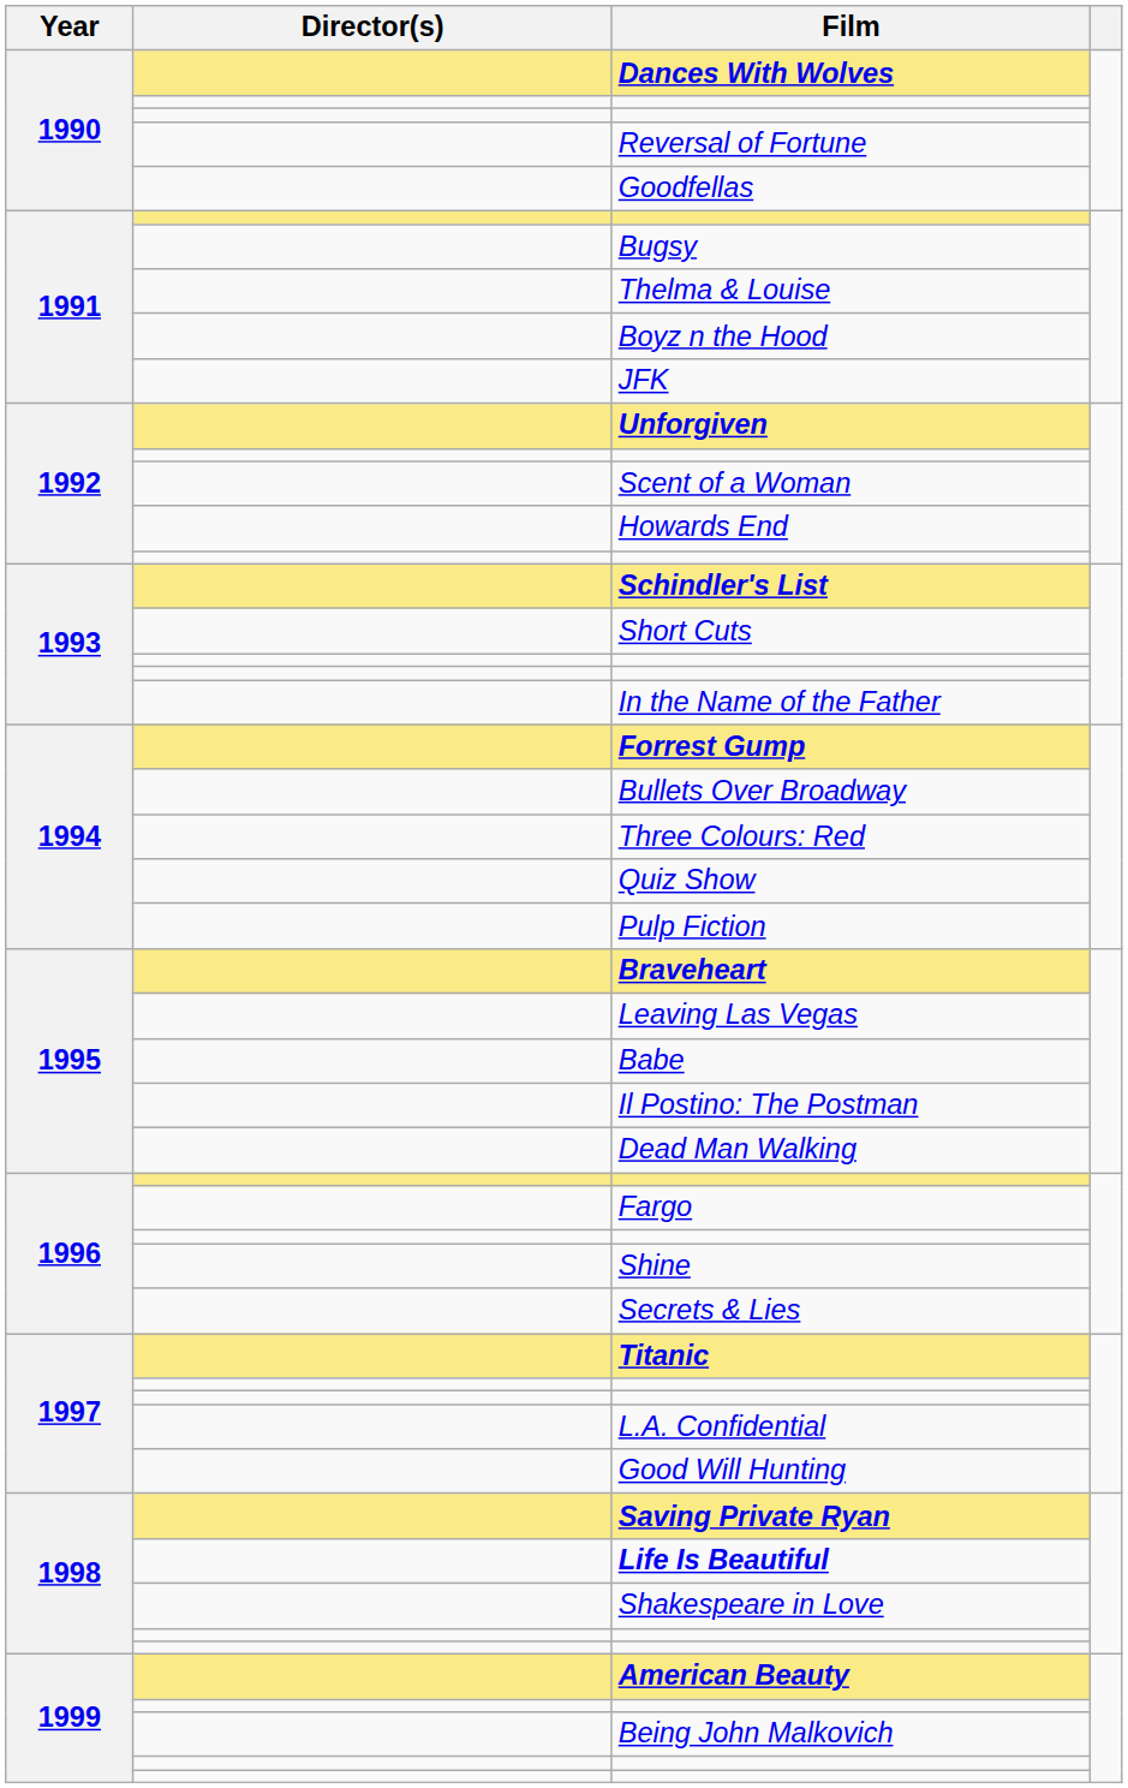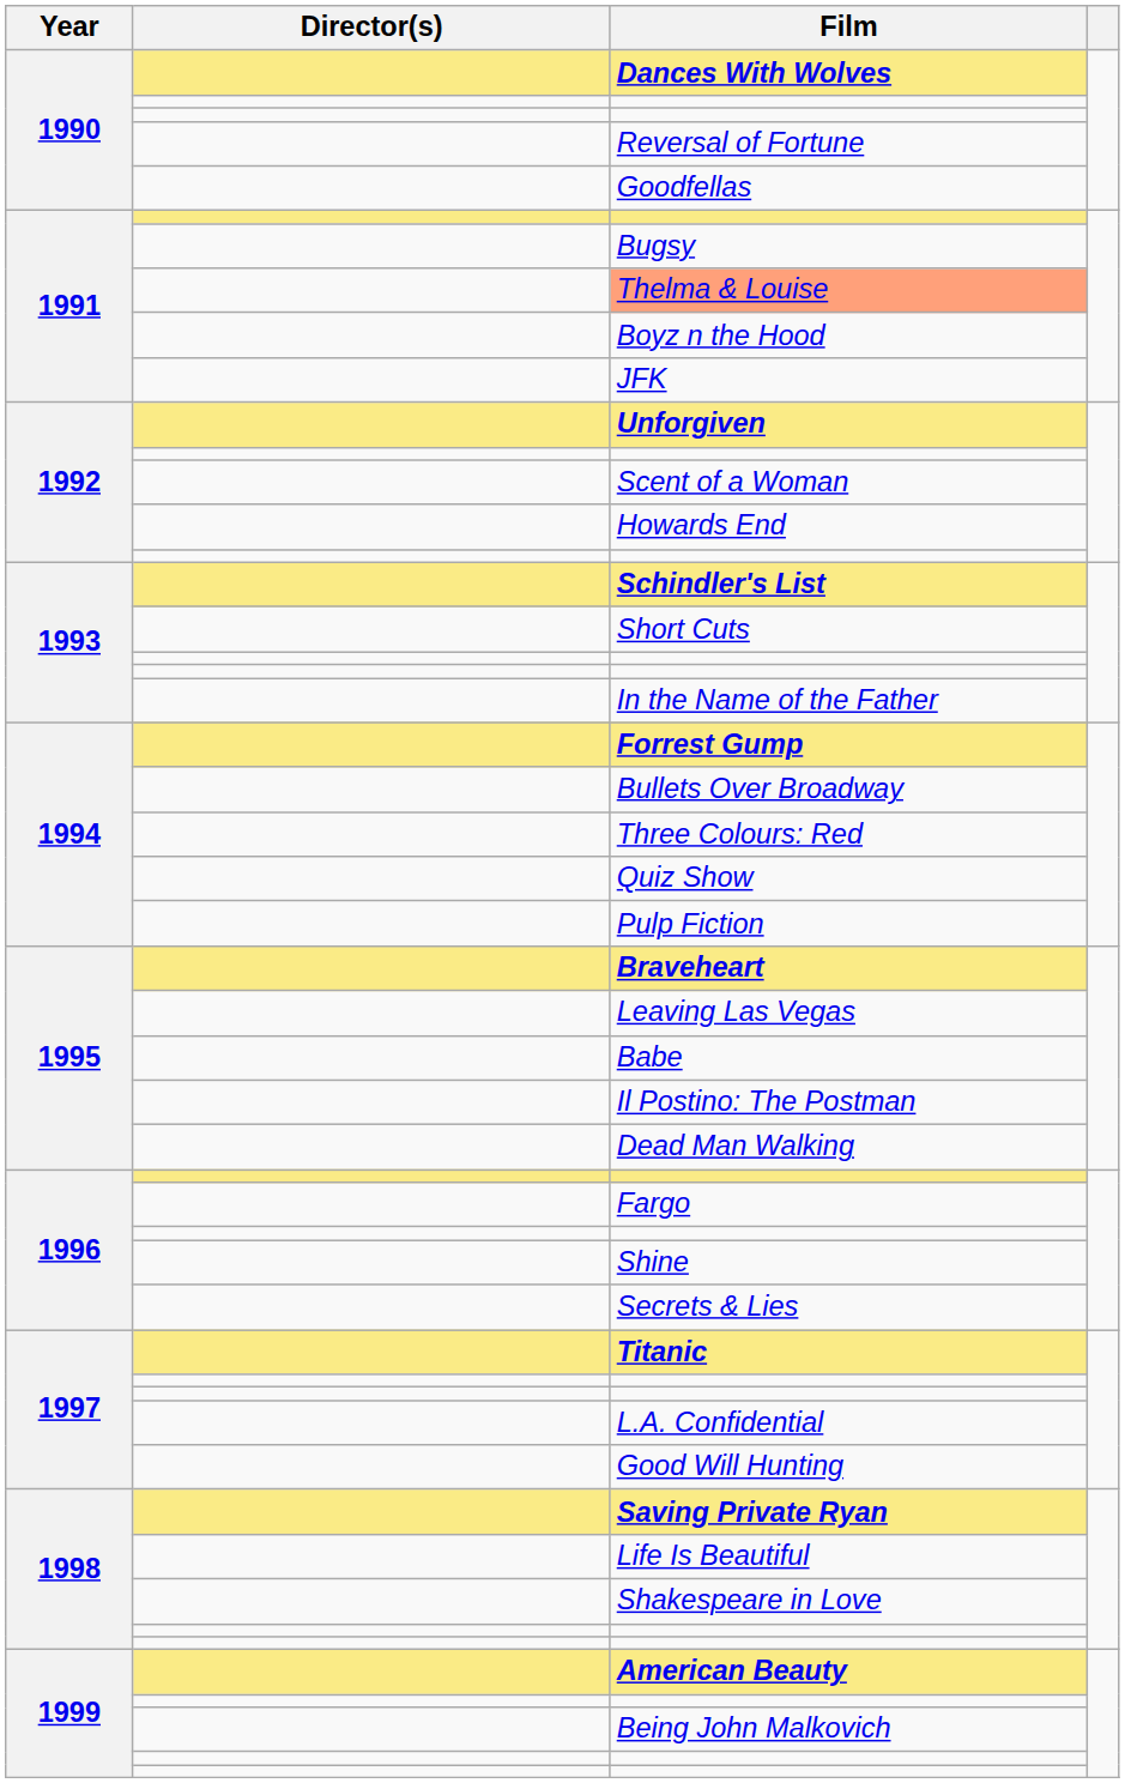 <table class="wikitable sortable">
 <tr>
 <th scope="col" style="width:8%;">Year</th>
 <th scope="col" style="width:30%;">Director(s)</th>
 <th scope="col" style="width:30%;">Film</th>
 <th scope="col" style="width:2%;"></th>
 </tr>
 <tr>
 <th scope="row" rowspan=5 style="text-align:center;"><a href='#'>1990</a><br></th>
 <td style="background:#FAEB86;"><strong></strong></td>
 <td style="background:#FAEB86;"><strong><em><a href='#'>Dances With Wolves</a></em></strong></td>
 <td rowspan="5"></td>
 </tr>
 <tr>
 <td></td>
 <td></td>
 </tr>
 <tr>
 <td></td>
 <td></td>
 </tr>
 <tr>
 <td></td>
 <td><em><a href='#'>Reversal of Fortune</a></em></td>
 </tr>
 <tr>
 <td></td>
 <td><em><a href='#'>Goodfellas</a></em></td>
 </tr>
 <tr>
 <th scope="row" rowspan=5 style="text-align:center;"><a href='#'>1991</a><br></th>
 <td style="background:#FAEB86;"><strong></strong></td>
 <td style="background:#FAEB86;"><strong></strong></td>
 <td rowspan="5"></td>
 </tr>
 <tr>
 <td></td>
 <td><em><a href='#'>Bugsy</a></em></td>
 </tr>
 <tr>
 <td></td>
-<td><em><a href='#'>Thelma & Louise</a></em></td>
+<td style="background: lightsalmon;"><em><a href='#'>Thelma & Louise</a></em></td>
 </tr>
 <tr>
 <td></td>
 <td><em><a href='#'>Boyz n the Hood</a></em></td>
 </tr>
 <tr>
 <td></td>
 <td><em><a href='#'>JFK</a></em></td>
 </tr>
 <tr>
 <th scope="row" rowspan=5 style="text-align:center;"><a href='#'>1992</a><br></th>
 <td style="background:#FAEB86;"><strong></strong></td>
 <td style="background:#FAEB86;"><strong><em><a href='#'>Unforgiven</a></em></strong></td>
 <td rowspan="5"></td>
 </tr>
 <tr>
 <td></td>
 <td></td>
 </tr>
 <tr>
 <td></td>
 <td><em><a href='#'>Scent of a Woman</a></em></td>
 </tr>
 <tr>
 <td></td>
 <td><em><a href='#'>Howards End</a></em></td>
 </tr>
 <tr>
 <td></td>
 <td></td>
 </tr>
 <tr>
 <th scope="row" rowspan=5 style="text-align:center;"><a href='#'>1993</a><br></th>
 <td style="background:#FAEB86;"><strong></strong></td>
 <td style="background:#FAEB86;"><strong><em><a href='#'>Schindler's List</a></em></strong></td>
 <td rowspan="5"></td>
 </tr>
 <tr>
 <td></td>
 <td><em><a href='#'>Short Cuts</a></em></td>
 </tr>
 <tr>
 <td></td>
 <td></td>
 </tr>
 <tr>
 <td></td>
 <td></td>
 </tr>
 <tr>
 <td></td>
 <td><em><a href='#'>In the Name of the Father</a></em></td>
 </tr>
 <tr>
 <th scope="row" rowspan=5 style="text-align:center;"><a href='#'>1994</a><br></th>
 <td style="background:#FAEB86;"><strong></strong></td>
 <td style="background:#FAEB86;"><strong><em><a href='#'>Forrest Gump</a></em></strong></td>
 <td rowspan="5"></td>
 </tr>
 <tr>
 <td></td>
 <td><em><a href='#'>Bullets Over Broadway</a></em></td>
 </tr>
 <tr>
 <td></td>
 <td><em><a href='#'>Three Colours: Red</a></em></td>
 </tr>
 <tr>
 <td></td>
 <td><em><a href='#'>Quiz Show</a></em></td>
 </tr>
 <tr>
 <td></td>
 <td><em><a href='#'>Pulp Fiction</a></em></td>
 </tr>
 <tr>
 <th scope="row" rowspan=5 style="text-align:center;"><a href='#'>1995</a><br></th>
 <td style="background:#FAEB86;"><strong></strong></td>
 <td style="background:#FAEB86;"><strong><em><a href='#'>Braveheart</a></em></strong></td>
 <td rowspan="5"></td>
 </tr>
 <tr>
 <td></td>
 <td><em><a href='#'>Leaving Las Vegas</a></em></td>
 </tr>
 <tr>
 <td></td>
 <td><em><a href='#'>Babe</a></em></td>
 </tr>
 <tr>
 <td></td>
 <td><em><a href='#'>Il Postino: The Postman</a></em></td>
 </tr>
 <tr>
 <td></td>
 <td><em><a href='#'>Dead Man Walking</a></em></td>
 </tr>
 <tr>
 <th scope="row" rowspan=5 style="text-align:center;"><a href='#'>1996</a><br></th>
 <td style="background:#FAEB86;"><strong></strong></td>
 <td style="background:#FAEB86;"><strong></strong></td>
 <td rowspan="5"></td>
 </tr>
 <tr>
 <td></td>
 <td><em><a href='#'>Fargo</a></em></td>
 </tr>
 <tr>
 <td></td>
 <td></td>
 </tr>
 <tr>
 <td></td>
 <td><em><a href='#'>Shine</a></em></td>
 </tr>
 <tr>
 <td></td>
 <td><em><a href='#'>Secrets & Lies</a></em></td>
 </tr>
 <tr>
 <th scope="row" rowspan=5 style="text-align:center;"><a href='#'>1997</a><br></th>
 <td style="background:#FAEB86;"><strong></strong></td>
 <td style="background:#FAEB86;"><strong><em><a href='#'>Titanic</a></em></strong></td>
 <td rowspan="5"></td>
 </tr>
 <tr>
 <td></td>
 <td></td>
 </tr>
 <tr>
 <td></td>
 <td></td>
 </tr>
 <tr>
 <td></td>
 <td><em><a href='#'>L.A. Confidential</a></em></td>
 </tr>
 <tr>
 <td></td>
 <td><em><a href='#'>Good Will Hunting</a></em></td>
 </tr>
 <tr>
 <th scope="row" rowspan=5 style="text-align:center;"><a href='#'>1998</a><br></th>
 <td style="background:#FAEB86;"><strong></strong></td>
 <td style="background:#FAEB86;"><strong><em><a href='#'>Saving Private Ryan</a></em></strong></td>
 <td rowspan="5"></td>
 </tr>
 <tr>
 <td></td>
-<td><strong><em><a href='#'>Life Is Beautiful</a></em></strong></td>
+<td><em><a href='#'>Life Is Beautiful</a></em></td>
 </tr>
 <tr>
 <td></td>
 <td><em><a href='#'>Shakespeare in Love</a></em></td>
 </tr>
 <tr>
 <td></td>
 <td></td>
 </tr>
 <tr>
 <td></td>
 <td></td>
 </tr>
 <tr>
 <th scope="row" rowspan=5 style="text-align:center;"><a href='#'>1999</a><br></th>
 <td style="background:#FAEB86;"><strong></strong></td>
 <td style="background:#FAEB86;"><strong><em><a href='#'>American Beauty</a></em></strong></td>
 <td rowspan="5"></td>
 </tr>
 <tr>
 <td></td>
 <td></td>
 </tr>
 <tr>
 <td></td>
 <td><em><a href='#'>Being John Malkovich</a></em></td>
 </tr>
 <tr>
 <td></td>
 <td></td>
 </tr>
 <tr>
 <td></td>
 <td></td>
 </tr>
 <tr>
 </tr>
 </table>
